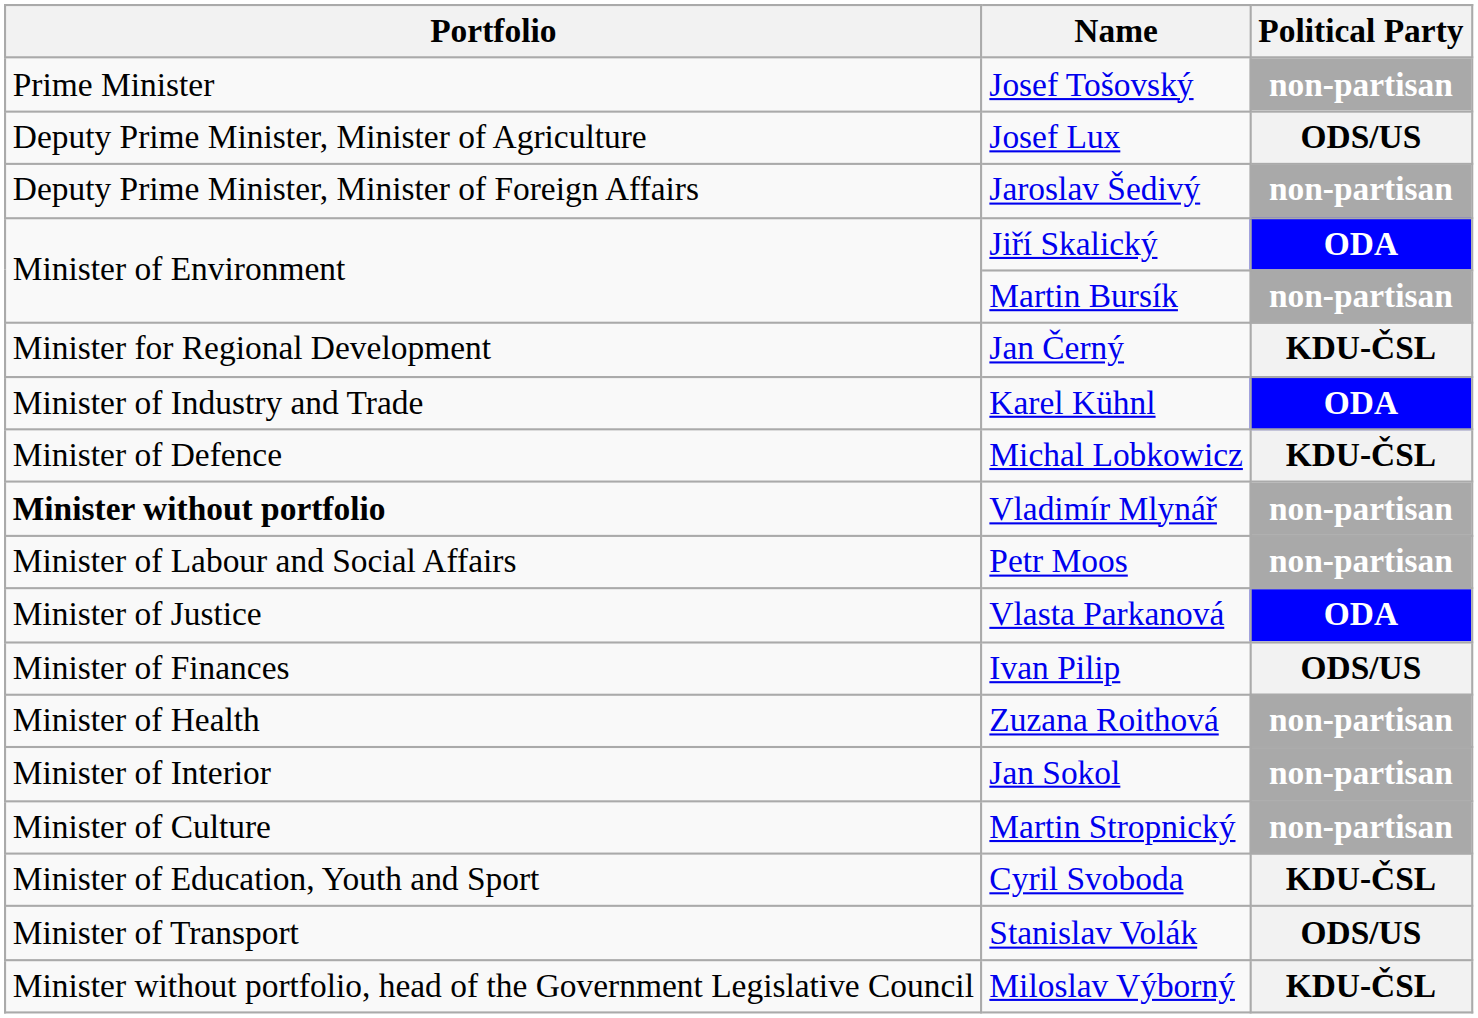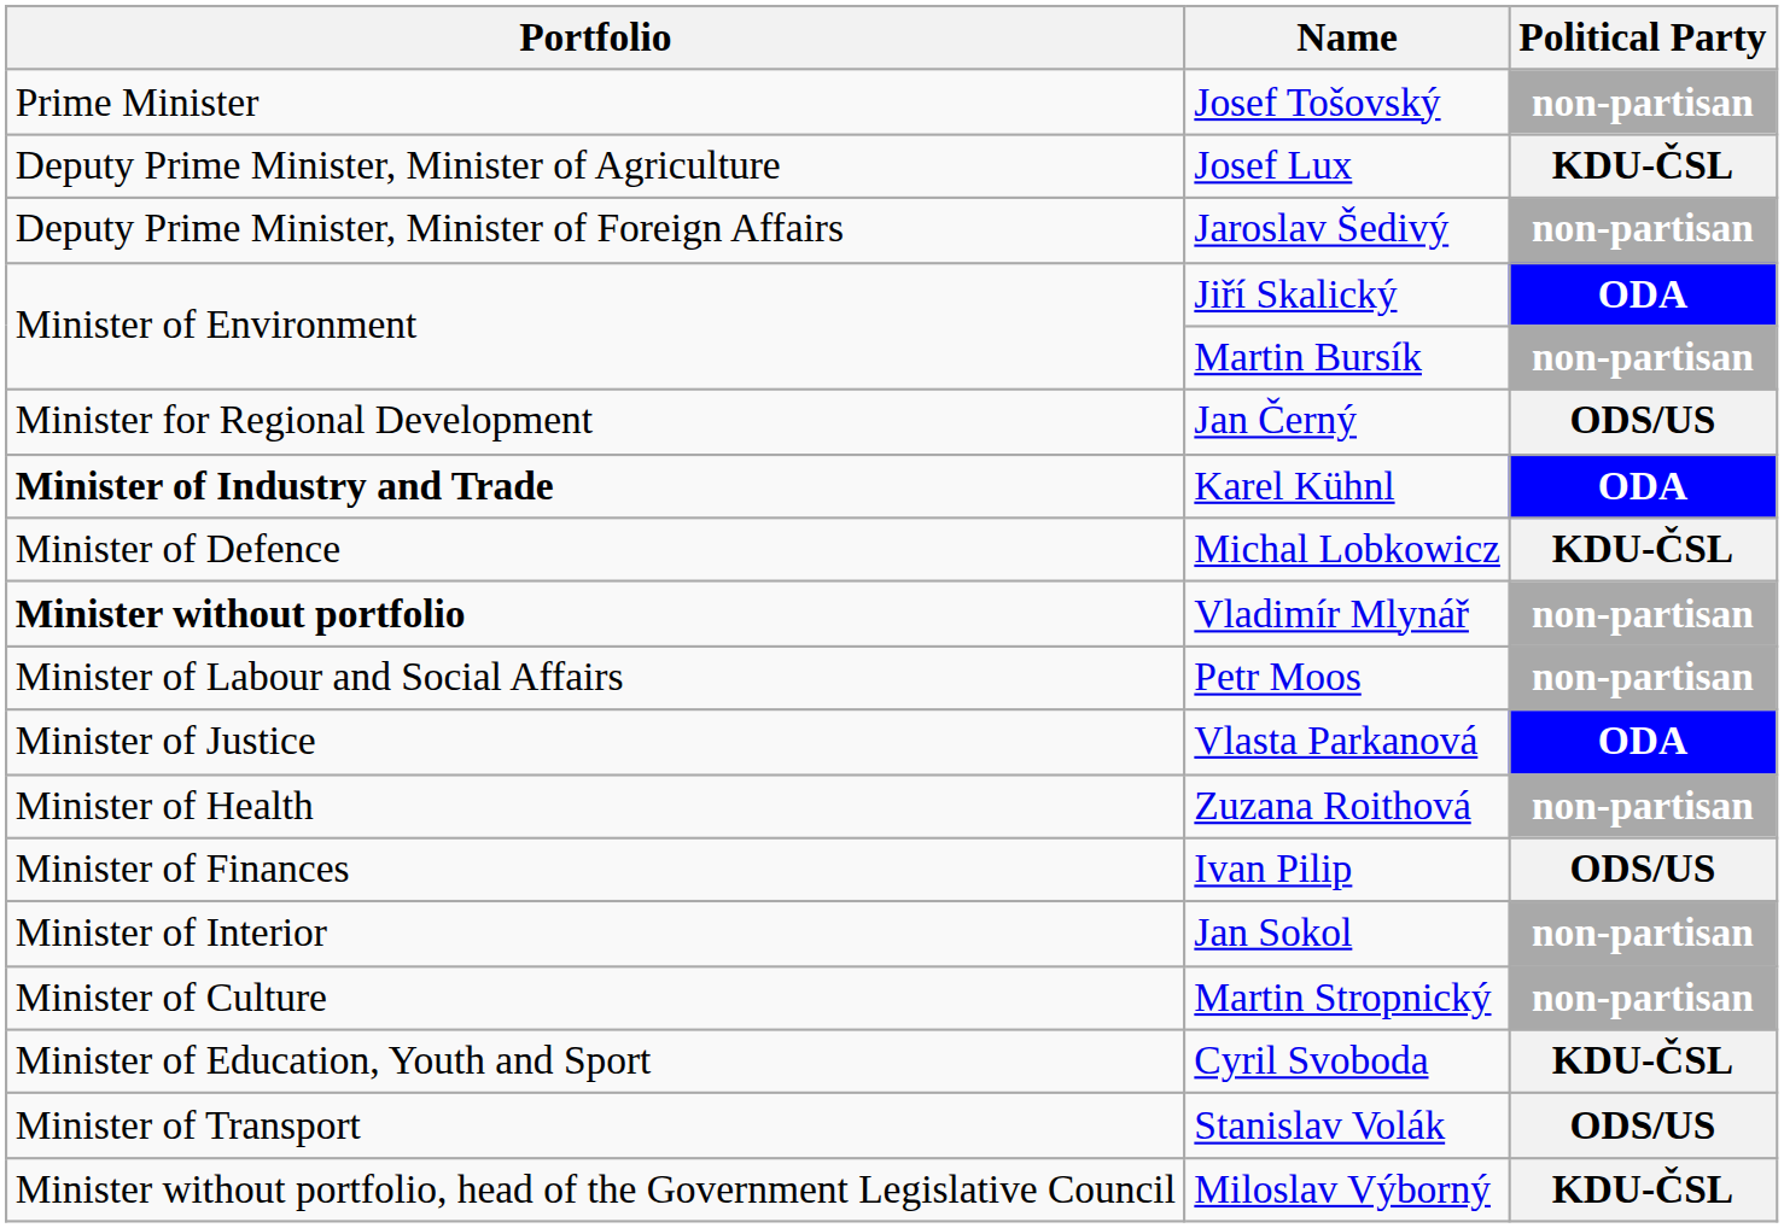 <table class="wikitable">
 <tr>
 <th>Portfolio</th>
 <th>Name</th>
 <th>Political Party</th>
 </tr>
 <tr>
 <td>Prime Minister</td>
 <td><a href='#'>Josef Tošovský</a></td>
 <th style="background-color:#A9A9A9; color:white">non-partisan</th>
 </tr>
 <tr>
 <td>Deputy Prime Minister, Minister of Agriculture</td>
 <td><a href='#'>Josef Lux</a></td>
-<th style="background-color:">ODS/US</th>
+<th style="background-color:">KDU-ČSL</th>
 </tr>
 <tr>
 <td>Deputy Prime Minister, Minister of Foreign Affairs</td>
 <td><a href='#'>Jaroslav Šedivý</a></td>
 <th style="background-color:#A9A9A9; color:white">non-partisan</th>
 </tr>
 <tr>
 <td rowspan=2>Minister of Environment</td>
 <td><a href='#'>Jiří Skalický</a></td>
 <th style="background-color:#0000FF; color:white">ODA</th>
 </tr>
 <tr>
 <td><a href='#'>Martin Bursík</a></td>
 <th style="background-color:#A9A9A9; color:white">non-partisan</th>
 </tr>
 <tr>
 <td>Minister for Regional Development</td>
 <td><a href='#'>Jan Černý</a></td>
-<th style="background-color:">KDU-ČSL</th>
+<th style="background-color:">ODS/US</th>
 </tr>
 <tr>
-<td>Minister of Industry and Trade</td>
+<td><strong>Minister of Industry and Trade</strong></td>
 <td><a href='#'>Karel Kühnl</a></td>
 <th style="background-color:#0000FF; color:white">ODA</th>
 </tr>
 <tr>
 <td>Minister of Defence</td>
 <td><a href='#'>Michal Lobkowicz</a></td>
 <th style="background-color:">KDU-ČSL</th>
 </tr>
 <tr>
 <td><strong>Minister without portfolio</strong></td>
 <td><a href='#'>Vladimír Mlynář</a></td>
 <th style="background-color:#A9A9A9; color:white">non-partisan</th>
 </tr>
 <tr>
 <td>Minister of Labour and Social Affairs</td>
 <td><a href='#'>Petr Moos</a></td>
 <th style="background-color:#A9A9A9; color:white">non-partisan</th>
 </tr>
 <tr>
 <td>Minister of Justice</td>
 <td><a href='#'>Vlasta Parkanová</a></td>
 <th style="background-color:#0000FF; color:white">ODA</th>
 </tr>
 <tr>
+<td>Minister of Health</td>
+<td><a href='#'>Zuzana Roithová</a></td>
+<th style="background-color:#A9A9A9; color:white">non-partisan</th>
+</tr>
+<tr>
 <td>Minister of Finances</td>
 <td><a href='#'>Ivan Pilip</a></td>
 <th style="background-color:">ODS/US</th>
-</tr>
-<tr>
-<td>Minister of Health</td>
-<td><a href='#'>Zuzana Roithová</a></td>
-<th style="background-color:#A9A9A9; color:white">non-partisan</th>
 </tr>
 <tr>
 <td>Minister of Interior</td>
 <td><a href='#'>Jan Sokol</a></td>
 <th style="background-color:#A9A9A9; color:white">non-partisan</th>
 </tr>
 <tr>
 <td>Minister of Culture</td>
 <td><a href='#'>Martin Stropnický</a></td>
 <th style="background-color:#A9A9A9; color:white">non-partisan</th>
 </tr>
 <tr>
 <td>Minister of Education, Youth and Sport</td>
 <td><a href='#'>Cyril Svoboda</a></td>
 <th style="background-color:">KDU-ČSL</th>
 </tr>
 <tr>
 <td>Minister of Transport</td>
 <td><a href='#'>Stanislav Volák</a></td>
 <th style="background-color:">ODS/US</th>
 </tr>
 <tr>
 <td>Minister without portfolio, head of the Government Legislative Council</td>
 <td><a href='#'>Miloslav Výborný</a></td>
 <th style="background-color:">KDU-ČSL</th>
 </tr>
 </table>
